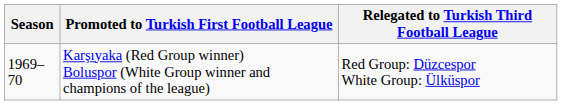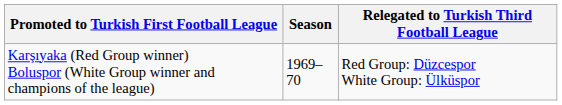 <table class="wikitable">
 <tr>
+<th>Promoted to <a href='#'>Turkish First Football League</a></th>
 <th>Season</th>
-<th>Promoted to <a href='#'>Turkish First Football League</a></th>
 <th>Relegated to <a href='#'>Turkish Third Football League</a></th>
 </tr>
 <tr>
+<td><a href='#'>Karşıyaka</a> (Red Group winner)<br><a href='#'>Boluspor</a> (White Group winner and champions of the league)</td>
 <td>1969–70</td>
-<td><a href='#'>Karşıyaka</a> (Red Group winner)<br><a href='#'>Boluspor</a> (White Group winner and champions of the league)</td>
 <td>Red Group: <a href='#'>Düzcespor</a><br>White Group: <a href='#'>Ülküspor</a></td>
 </tr>
 </table>
